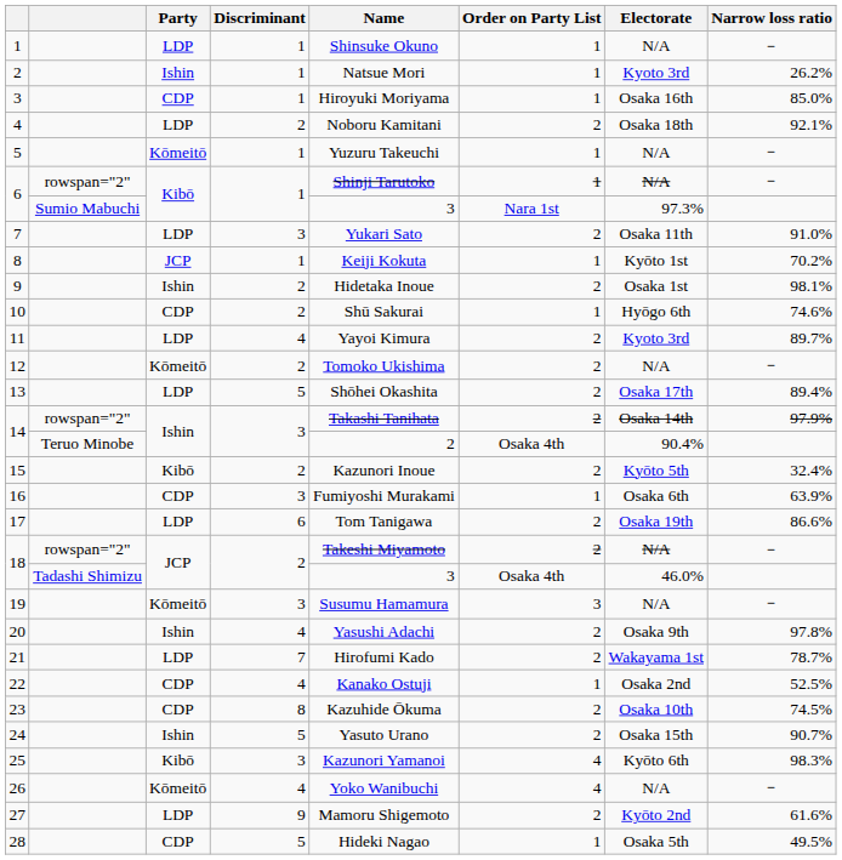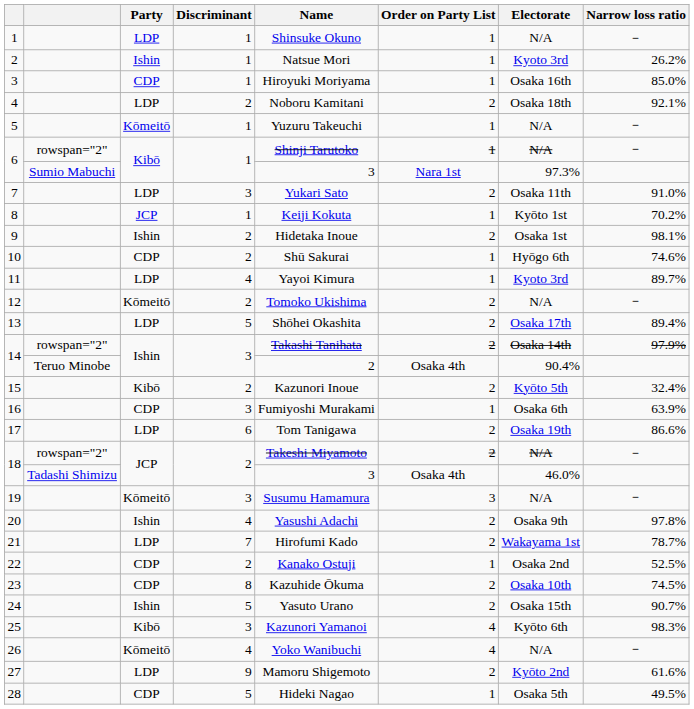 <table class="wikitable sortable" style="text-align:center;">
 <tr>
 <th></th>
 <th></th>
 <th>Party</th>
 <th>Discriminant</th>
 <th>Name</th>
 <th>Order on Party List</th>
 <th>Electorate</th>
 <th>Narrow loss ratio</th>
 </tr>
 <tr>
 <td>1</td>
 <td></td>
 <td><a href='#'>LDP</a></td>
 <td style="text-align: right;">1</td>
 <td><a href='#'>Shinsuke Okuno</a></td>
 <td style="text-align: right;">1</td>
 <td>N/A</td>
 <td>－</td>
 </tr>
 <tr>
 <td>2</td>
 <td></td>
 <td><a href='#'>Ishin</a></td>
 <td style="text-align: right;">1</td>
 <td>Natsue Mori</td>
 <td style="text-align: right;">1</td>
 <td><a href='#'>Kyoto 3rd</a></td>
 <td style="text-align: Right;">26.2%</td>
 </tr>
 <tr>
 <td>3</td>
 <td></td>
 <td><a href='#'>CDP</a></td>
 <td style="text-align: right;">1</td>
 <td>Hiroyuki Moriyama</td>
 <td style="text-align: right;">1</td>
 <td>Osaka 16th</td>
 <td style="text-align: Right;">85.0%</td>
 </tr>
 <tr>
 <td>4</td>
 <td></td>
 <td>LDP</td>
 <td style="text-align: right;">2</td>
 <td>Noboru Kamitani</td>
 <td style="text-align: right;">2</td>
 <td>Osaka 18th</td>
 <td style="text-align: Right;">92.1%</td>
 </tr>
 <tr>
 <td>5</td>
 <td></td>
 <td><a href='#'>Kōmeitō</a></td>
 <td style="text-align: right;">1</td>
 <td>Yuzuru Takeuchi</td>
 <td style="text-align: right;">1</td>
 <td>N/A</td>
 <td>－</td>
 </tr>
 <tr>
 <td rowspan="2">6</td>
 <td>rowspan="2" </td>
 <td rowspan="2"><a href='#'>Kibō</a></td>
 <td rowspan="2" style="text-align: right;">1</td>
 <td><del><a href='#'>Shinji Tarutoko</a></del></td>
 <td style="text-align: right;"><del>1</del></td>
 <td><del>N/A</del></td>
 <td>－</td>
 </tr>
 <tr>
 <td><a href='#'>Sumio Mabuchi</a></td>
 <td style="text-align: right;">3</td>
 <td><a href='#'>Nara 1st</a></td>
 <td style="text-align: right;">97.3%</td>
 </tr>
 <tr>
 <td>7</td>
 <td></td>
 <td>LDP</td>
 <td style="text-align: right;">3</td>
 <td><a href='#'>Yukari Sato</a></td>
 <td style="text-align: right;">2</td>
 <td>Osaka 11th</td>
 <td style="text-align: right;">91.0%</td>
 </tr>
 <tr>
 <td>8</td>
 <td></td>
 <td><a href='#'>JCP</a></td>
 <td style="text-align: right;">1</td>
 <td><a href='#'>Keiji Kokuta</a></td>
 <td style="text-align: right;">1</td>
 <td>Kyōto 1st</td>
 <td style="text-align: right;">70.2%</td>
 </tr>
 <tr>
 <td>9</td>
 <td></td>
 <td>Ishin</td>
 <td style="text-align: right;">2</td>
 <td>Hidetaka Inoue</td>
 <td style="text-align: right;">2</td>
 <td>Osaka 1st</td>
 <td style="text-align: right;">98.1%</td>
 </tr>
 <tr>
 <td>10</td>
 <td></td>
 <td>CDP</td>
 <td style="text-align: right;">2</td>
 <td>Shū Sakurai</td>
 <td style="text-align: right;">1</td>
 <td>Hyōgo 6th</td>
 <td style="text-align: Right;">74.6%</td>
 </tr>
 <tr>
 <td>11</td>
 <td></td>
 <td>LDP</td>
 <td style="text-align: right;">4</td>
 <td>Yayoi Kimura</td>
-<td style="text-align: right;">2</td>
+<td style="text-align: right;">1</td>
 <td><a href='#'>Kyoto 3rd</a></td>
 <td style="text-align: right;">89.7%</td>
 </tr>
 <tr>
 <td>12</td>
 <td></td>
 <td>Kōmeitō</td>
 <td style="text-align: right;">2</td>
 <td><a href='#'>Tomoko Ukishima</a></td>
 <td style="text-align: right;">2</td>
 <td>N/A</td>
 <td>－</td>
 </tr>
 <tr>
 <td>13</td>
 <td></td>
 <td>LDP</td>
 <td style="text-align: right;">5</td>
 <td>Shōhei Okashita</td>
 <td style="text-align: right;">2</td>
 <td><a href='#'>Osaka 17th</a></td>
 <td style="text-align: right;">89.4%</td>
 </tr>
 <tr>
 <td rowspan="2">14</td>
 <td>rowspan="2" </td>
 <td rowspan="2">Ishin</td>
 <td rowspan="2" style="text-align: right;">3</td>
 <td><del><a href='#'>Takashi Tanihata</a></del></td>
 <td style="text-align: right;"><del>2</del></td>
 <td><del>Osaka 14th</del></td>
 <td style="text-align: right;"><del>97.9%</del></td>
 </tr>
 <tr>
 <td>Teruo Minobe</td>
 <td style="text-align: right;">2</td>
 <td>Osaka 4th</td>
 <td style="text-align: right;">90.4%</td>
 </tr>
 <tr>
 <td>15</td>
 <td></td>
 <td>Kibō</td>
 <td style="text-align: right;">2</td>
 <td>Kazunori Inoue</td>
 <td style="text-align: right;">2</td>
 <td><a href='#'>Kyōto 5th</a></td>
 <td style="text-align: right;">32.4%</td>
 </tr>
 <tr>
 <td>16</td>
 <td></td>
 <td>CDP</td>
 <td style="text-align: right;">3</td>
 <td>Fumiyoshi Murakami</td>
 <td style="text-align: right;">1</td>
 <td>Osaka 6th</td>
 <td style="text-align: right;">63.9%</td>
 </tr>
 <tr>
 <td>17</td>
 <td></td>
 <td>LDP</td>
 <td style="text-align: right;">6</td>
 <td>Tom Tanigawa</td>
 <td style="text-align: right;">2</td>
 <td><a href='#'>Osaka 19th</a></td>
 <td style="text-align: right;">86.6%</td>
 </tr>
 <tr>
 <td rowspan="2">18</td>
 <td>rowspan="2" </td>
 <td rowspan="2">JCP</td>
 <td rowspan="2" style="text-align: right;">2</td>
 <td><del><a href='#'>Takeshi Miyamoto</a></del></td>
 <td style="text-align: right;"><del>2</del></td>
 <td><del>N/A</del></td>
 <td>－</td>
 </tr>
 <tr>
 <td><a href='#'>Tadashi Shimizu</a></td>
 <td style="text-align: right;">3</td>
 <td>Osaka 4th</td>
 <td style="text-align: right;">46.0%</td>
 </tr>
 <tr>
 <td>19</td>
 <td></td>
 <td>Kōmeitō</td>
 <td style="text-align: right;">3</td>
 <td><a href='#'>Susumu Hamamura</a></td>
 <td style="text-align: right;">3</td>
 <td>N/A</td>
 <td>－</td>
 </tr>
 <tr>
 <td>20</td>
 <td></td>
 <td>Ishin</td>
 <td style="text-align: right;">4</td>
 <td><a href='#'>Yasushi Adachi</a></td>
 <td style="text-align: right;">2</td>
 <td>Osaka 9th</td>
 <td style="text-align: right;">97.8%</td>
 </tr>
 <tr>
 <td>21</td>
 <td></td>
 <td>LDP</td>
 <td style="text-align: right;">7</td>
 <td>Hirofumi Kado</td>
 <td style="text-align: right;">2</td>
 <td><a href='#'>Wakayama 1st</a></td>
 <td style="text-align: right;">78.7%</td>
 </tr>
 <tr>
 <td>22</td>
 <td></td>
 <td>CDP</td>
-<td style="text-align: right;">4</td>
+<td style="text-align: right;">2</td>
 <td><a href='#'>Kanako Ostuji</a></td>
 <td style="text-align: right;">1</td>
 <td>Osaka 2nd</td>
 <td style="text-align: right;">52.5%</td>
 </tr>
 <tr>
 <td>23</td>
 <td></td>
 <td>CDP</td>
 <td style="text-align: right;">8</td>
 <td>Kazuhide Ōkuma</td>
 <td style="text-align: right;">2</td>
 <td><a href='#'>Osaka 10th</a></td>
 <td style="text-align: right;">74.5%</td>
 </tr>
 <tr>
 <td>24</td>
 <td></td>
 <td>Ishin</td>
 <td style="text-align: right;">5</td>
 <td>Yasuto Urano</td>
 <td style="text-align: right;">2</td>
 <td>Osaka 15th</td>
 <td style="text-align: Right;">90.7%</td>
 </tr>
 <tr>
 <td>25</td>
 <td></td>
 <td>Kibō</td>
 <td style="text-align: right;">3</td>
 <td><a href='#'>Kazunori Yamanoi</a></td>
 <td style="text-align: right;">4</td>
 <td>Kyōto 6th</td>
 <td style="text-align: right;">98.3%</td>
 </tr>
 <tr>
 <td>26</td>
 <td></td>
 <td>Kōmeitō</td>
 <td style="text-align: right;">4</td>
 <td><a href='#'>Yoko Wanibuchi</a></td>
 <td style="text-align: right;">4</td>
 <td>N/A</td>
 <td>－</td>
 </tr>
 <tr>
 <td>27</td>
 <td></td>
 <td>LDP</td>
 <td style="text-align: right;">9</td>
 <td>Mamoru Shigemoto</td>
 <td style="text-align: right;">2</td>
 <td><a href='#'>Kyōto 2nd</a></td>
 <td style="text-align: right;">61.6%</td>
 </tr>
 <tr>
 <td>28</td>
 <td></td>
 <td>CDP</td>
 <td style="text-align: right;">5</td>
 <td>Hideki Nagao</td>
 <td style="text-align: right;">1</td>
 <td>Osaka 5th</td>
 <td style="text-align: Right;">49.5%</td>
 </tr>
 </table>
